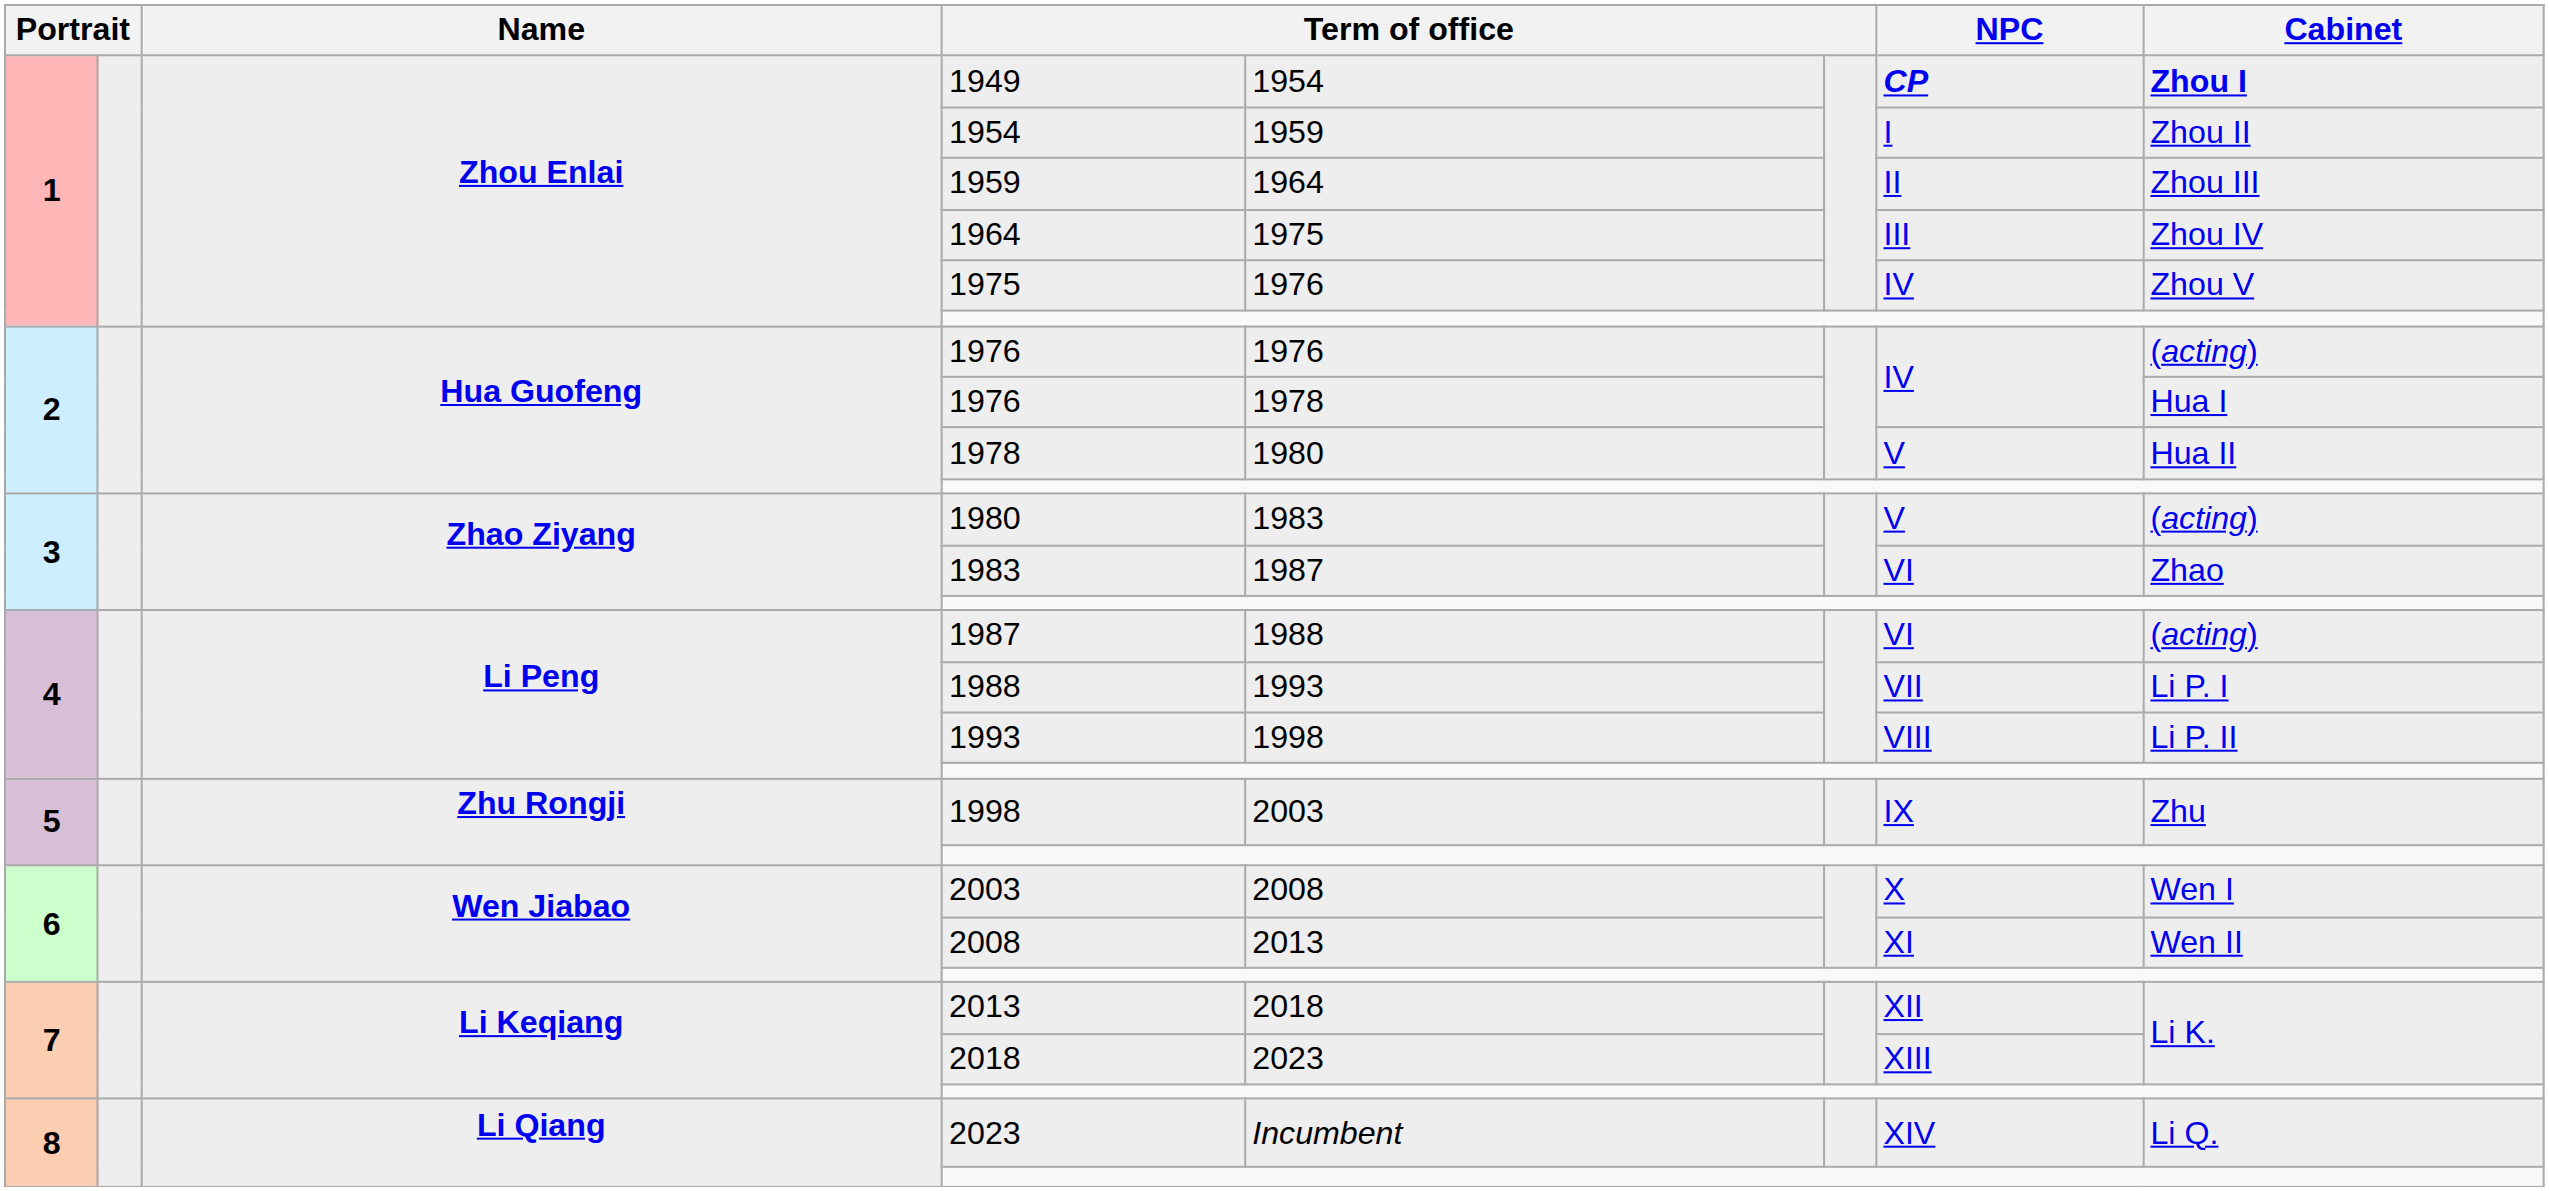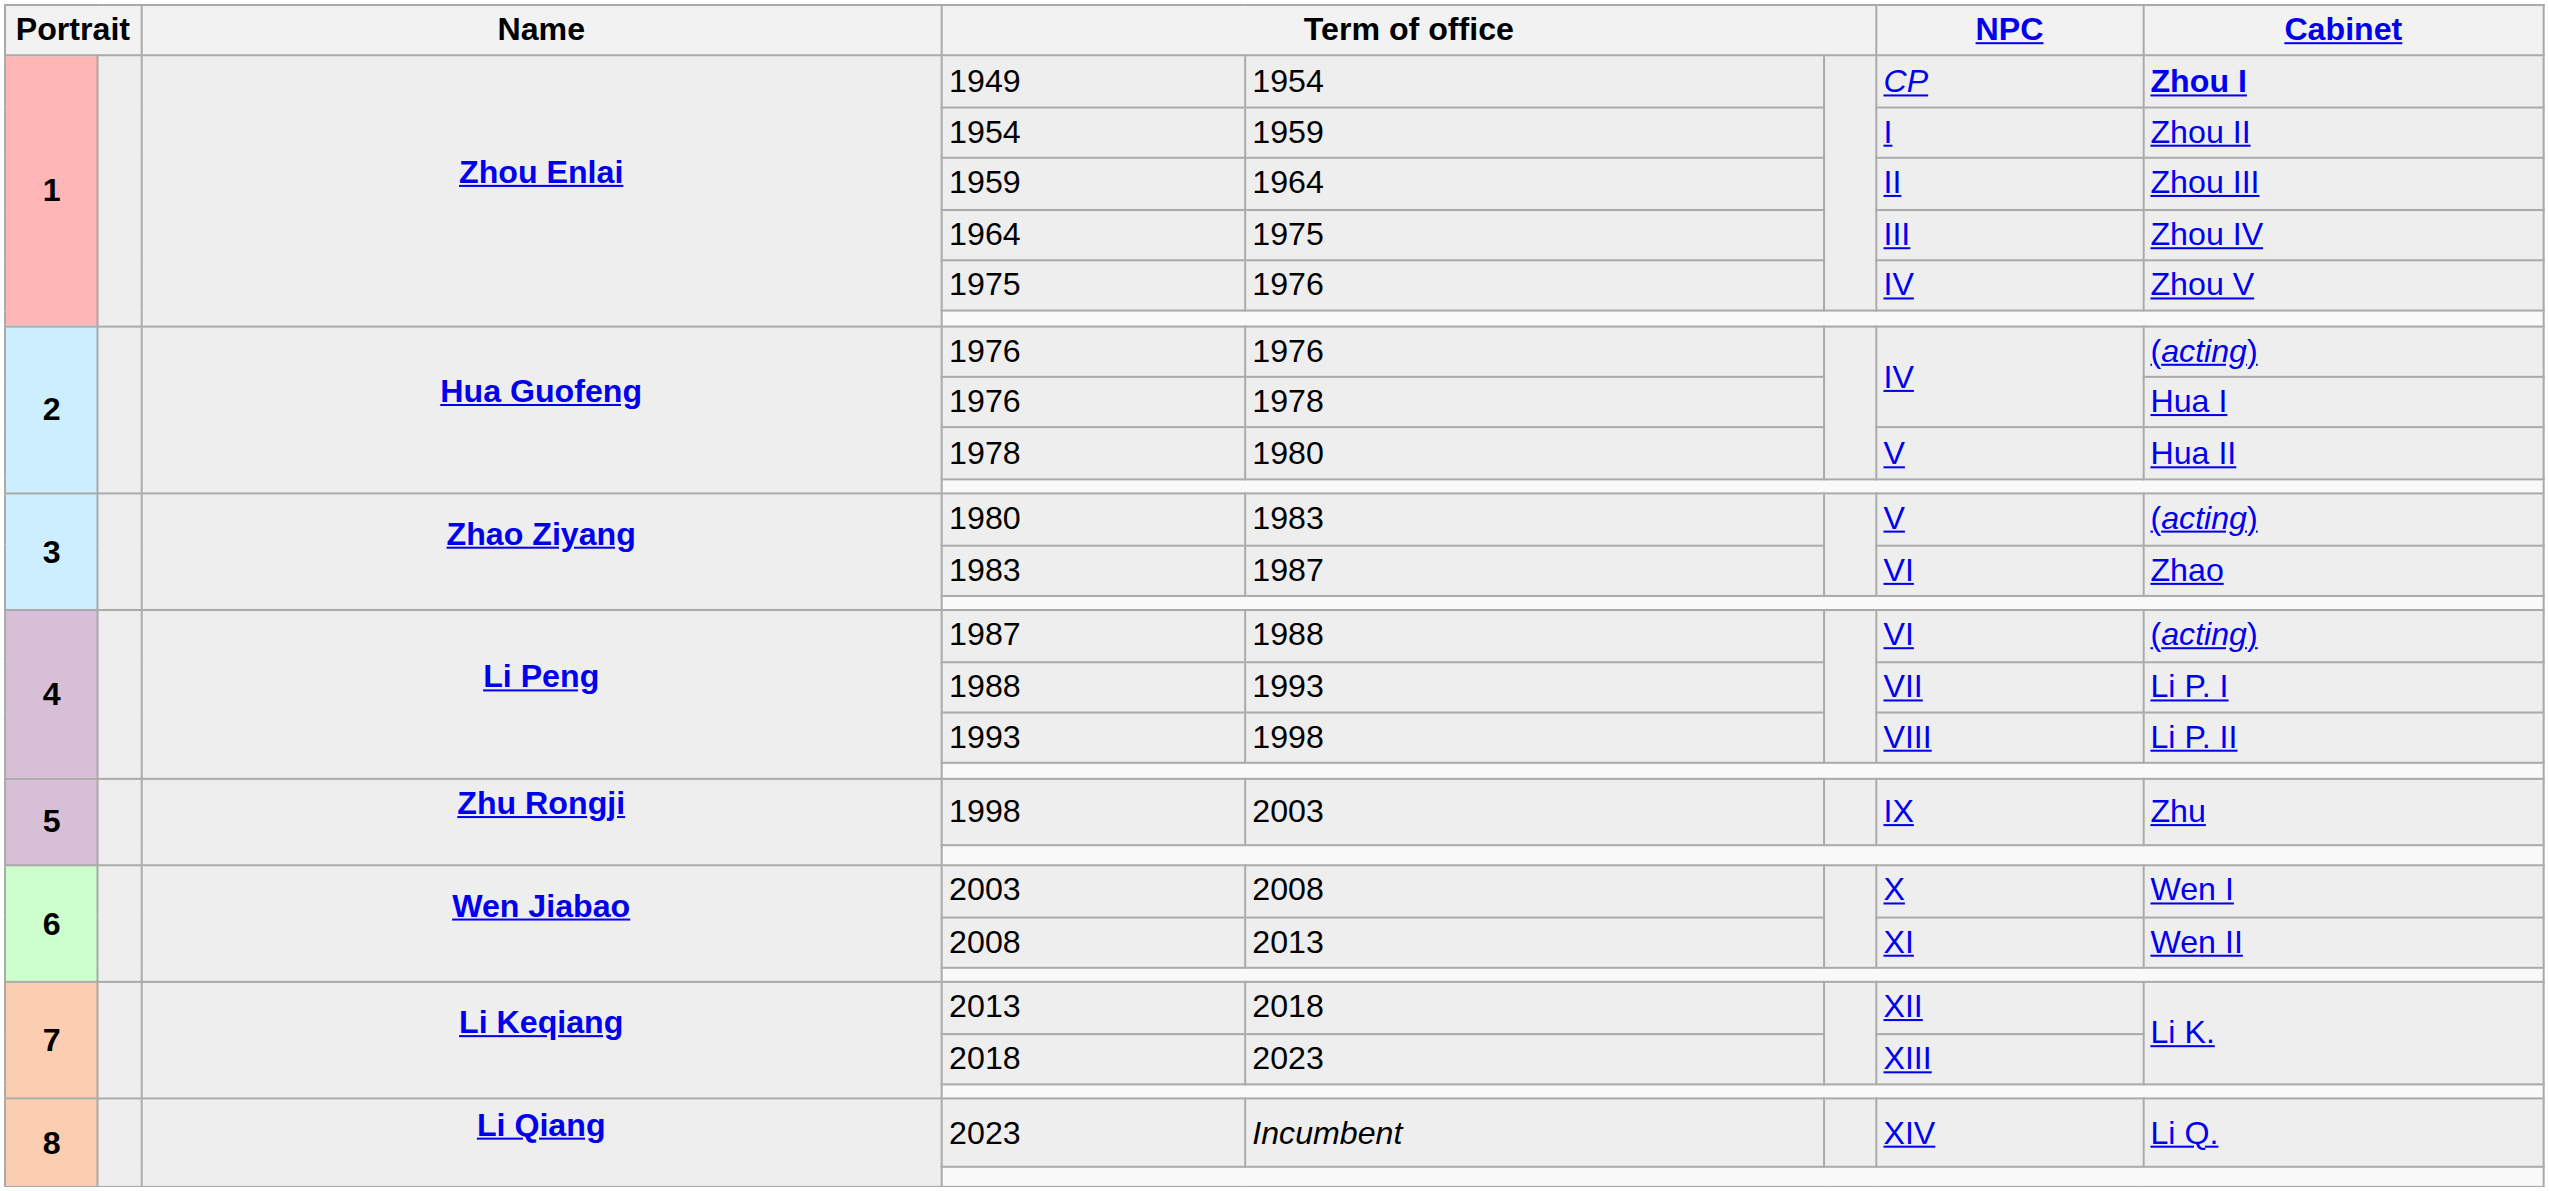 <table class="wikitable" width=100%>
 <tr>
 <th colspan="2" width=5%>Portrait</th>
 <th width=30%>Name<br></th>
 <th colspan="3" width=35%>Term of office</th>
 <th width=10%><a href='#'>NPC</a></th>
 <th width=15%><a href='#'>Cabinet</a></th>
 </tr>
 <tr bgcolor=#EEEEEE>
 <th rowspan="6" style="background-color: #FFB6B6;">1</th>
 <td rowspan="6"></td>
 <td rowspan="6" align="center"><strong><a href='#'>Zhou Enlai</a></strong><br><br></td>
 <td> 1949</td>
 <td> 1954</td>
 <td rowspan="5"></td>
-<td><strong><em><a href='#'>CP</a></em></strong></td>
+<td><em><a href='#'>CP</a></em></td>
 <td><strong><a href='#'>Zhou I</a></strong></td>
 </tr>
 <tr bgcolor=#EEEEEE>
 <td> 1954</td>
 <td> 1959</td>
 <td><a href='#'>I</a></td>
 <td><a href='#'>Zhou II</a></td>
 </tr>
 <tr bgcolor=#EEEEEE>
 <td> 1959</td>
 <td> 1964</td>
 <td><a href='#'>II</a></td>
 <td><a href='#'>Zhou III</a></td>
 </tr>
 <tr bgcolor=#EEEEEE>
 <td> 1964</td>
 <td> 1975</td>
 <td><a href='#'>III</a></td>
 <td><a href='#'>Zhou IV</a></td>
 </tr>
 <tr bgcolor=#EEEEEE>
 <td> 1975</td>
 <td> 1976</td>
 <td><a href='#'>IV</a></td>
 <td><a href='#'>Zhou V</a></td>
 </tr>
 <tr>
 <td colspan="5"></td>
 </tr>
 <tr bgcolor=#EEEEEE>
 <th rowspan="4" style="background-color: #CCEEFF;">2</th>
 <td rowspan="4"></td>
 <td rowspan="4" align="center"><strong><a href='#'>Hua Guofeng</a></strong><br><br></td>
 <td> 1976</td>
 <td> 1976</td>
 <td rowspan="3"></td>
 <td rowspan="2"><a href='#'>IV</a></td>
 <td><a href='#'>(<em>acting</em>)</a></td>
 </tr>
 <tr bgcolor=#EEEEEE>
 <td> 1976</td>
 <td> 1978</td>
 <td><a href='#'>Hua I</a></td>
 </tr>
 <tr bgcolor=#EEEEEE>
 <td> 1978</td>
 <td> 1980</td>
 <td><a href='#'>V</a></td>
 <td><a href='#'>Hua II</a></td>
 </tr>
 <tr>
 <td colspan="5"></td>
 </tr>
 <tr bgcolor=#EEEEEE>
 <th rowspan="3" style="background-color: #CCEEFF;">3</th>
 <td rowspan="3"></td>
 <td rowspan="3" align="center"><strong><a href='#'>Zhao Ziyang</a></strong><br><br></td>
 <td> 1980</td>
 <td> 1983</td>
 <td rowspan="2"></td>
 <td><a href='#'>V</a></td>
 <td><a href='#'>(<em>acting</em>)</a></td>
 </tr>
 <tr bgcolor=#EEEEEE>
 <td> 1983</td>
 <td> 1987</td>
 <td><a href='#'>VI</a></td>
 <td><a href='#'>Zhao</a></td>
 </tr>
 <tr>
 <td colspan="5"></td>
 </tr>
 <tr bgcolor=#EEEEEE>
 <th rowspan="4" style="background-color: #D8BFD8">4</th>
 <td rowspan="4"></td>
 <td rowspan="4" align="center"><strong><a href='#'>Li Peng</a></strong><br><br></td>
 <td> 1987</td>
 <td> 1988</td>
 <td rowspan="3"></td>
 <td><a href='#'>VI</a></td>
 <td><a href='#'>(<em>acting</em>)</a></td>
 </tr>
 <tr bgcolor=#EEEEEE>
 <td> 1988</td>
 <td> 1993</td>
 <td><a href='#'>VII</a></td>
 <td><a href='#'>Li P. I</a></td>
 </tr>
 <tr bgcolor=#EEEEEE>
 <td> 1993</td>
 <td> 1998</td>
 <td><a href='#'>VIII</a></td>
 <td><a href='#'>Li P. II</a></td>
 </tr>
 <tr>
 <td colspan="5"></td>
 </tr>
 <tr bgcolor=#EEEEEE>
 <th rowspan="2" style="background-color: #D8BFD8">5</th>
 <td rowspan="2"></td>
 <td rowspan="2" align="center"><strong><a href='#'>Zhu Rongji</a></strong><br><br></td>
 <td> 1998</td>
 <td> 2003</td>
 <td></td>
 <td><a href='#'>IX</a></td>
 <td><a href='#'>Zhu</a></td>
 </tr>
 <tr>
 <td colspan="5"></td>
 </tr>
 <tr bgcolor=#EEEEEE>
 <th rowspan="3" style="background-color: #CCFFCC">6</th>
 <td rowspan="3"></td>
 <td rowspan="3" align="center"><strong><a href='#'>Wen Jiabao</a></strong><br><br></td>
 <td> 2003</td>
 <td> 2008</td>
 <td rowspan="2"></td>
 <td><a href='#'>X</a></td>
 <td><a href='#'>Wen I</a></td>
 </tr>
 <tr bgcolor=#EEEEEE>
 <td> 2008</td>
 <td> 2013</td>
 <td><a href='#'>XI</a></td>
 <td><a href='#'>Wen II</a></td>
 </tr>
 <tr>
 <td colspan="5"></td>
 </tr>
 <tr bgcolor=#EEEEEE>
 <th rowspan="3" style="background-color: #FBCEB1">7</th>
 <td rowspan="3"></td>
 <td rowspan="3" align="center"><strong><a href='#'>Li Keqiang</a></strong><br><br></td>
 <td> 2013</td>
 <td> 2018</td>
 <td rowspan="2"></td>
 <td><a href='#'>XII</a></td>
 <td rowspan="2"><a href='#'>Li K.</a></td>
 </tr>
 <tr bgcolor=#EEEEEE>
 <td> 2018</td>
 <td> 2023</td>
 <td><a href='#'>XIII</a></td>
 </tr>
 <tr>
 <td colspan="5"></td>
 </tr>
 <tr bgcolor=#EEEEEE>
 <th rowspan="2" style="background-color: #FBCEB1">8</th>
 <td rowspan="2"></td>
 <td rowspan="2" align="center"><strong><a href='#'>Li Qiang</a></strong><br><br></td>
 <td> 2023</td>
 <td><em>Incumbent</em></td>
 <td></td>
 <td><a href='#'>XIV</a></td>
 <td><a href='#'>Li Q.</a></td>
 </tr>
 <tr>
 <td colspan="5"></td>
 </tr>
 </table>
